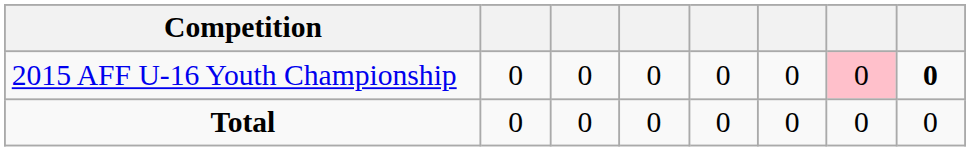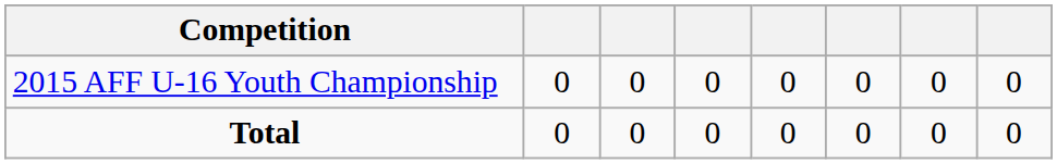 <table class="wikitable" style="text-align: center;">
 <tr>
 <th width=250>Competition</th>
 <th width=30></th>
 <th width=30></th>
 <th width=30></th>
 <th width=30></th>
 <th width=30></th>
 <th width=30></th>
 <th width=30></th>
 </tr>
 <tr>
 <td align="left"><a href='#'>2015 AFF U-16 Youth Championship</a></td>
 <td>0</td>
 <td>0</td>
 <td>0</td>
 <td>0</td>
 <td>0</td>
-<td style="background: pink;">0</td>
-<td><strong>0</strong></td>
+<td>0</td>
+<td>0</td>
 </tr>
 <tr>
 <td><strong>Total</strong></td>
 <td>0</td>
 <td>0</td>
 <td>0</td>
 <td>0</td>
 <td>0</td>
 <td>0</td>
 <td>0</td>
 </tr>
 </table>
